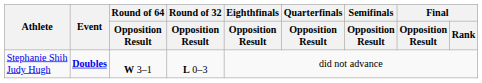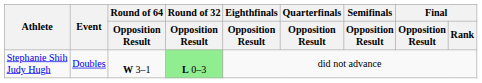 <table class="wikitable" border="1" style="font-size:90%">
 <tr>
 <th rowspan=2>Athlete</th>
 <th rowspan=2>Event</th>
 <th>Round of 64</th>
 <th>Round of 32</th>
 <th>Eighthfinals</th>
 <th>Quarterfinals</th>
 <th>Semifinals</th>
 <th colspan=2>Final</th>
 </tr>
 <tr>
 <th>Opposition<br>Result</th>
 <th>Opposition<br>Result</th>
 <th>Opposition<br>Result</th>
 <th>Opposition<br>Result</th>
 <th>Opposition<br>Result</th>
 <th>Opposition<br>Result</th>
 <th>Rank</th>
 </tr>
 <tr>
 <td><a href='#'>Stephanie Shih</a><br><a href='#'>Judy Hugh</a></td>
-<td><strong><a href='#'>Doubles</a></strong></td>
+<td><a href='#'>Doubles</a></td>
 <td align=center><br><strong>W</strong> 3–1</td>
-<td align=center><br><strong>L</strong> 0–3</td>
+<td align=center style="background: lightgreen;"><br><strong>L</strong> 0–3</td>
 <td align=center colspan=5>did not advance</td>
 </tr>
 </table>
